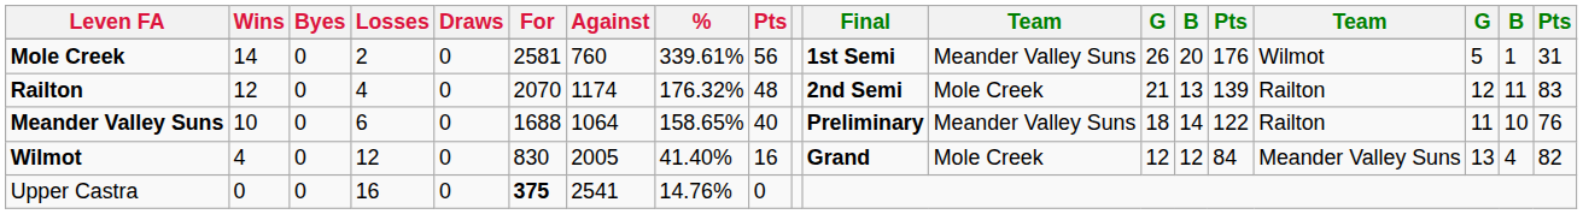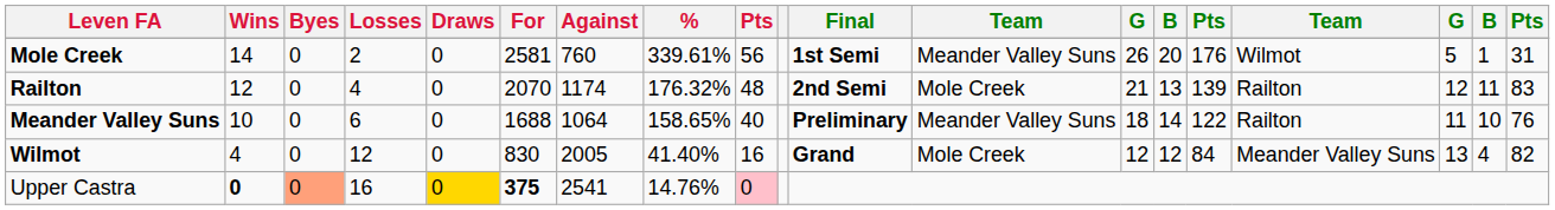 <table class="wikitable">
 <tr>
 <th style="color:crimson">Leven FA</th>
 <th style="color:crimson">Wins</th>
 <th style="color:crimson">Byes</th>
 <th style="color:crimson">Losses</th>
 <th style="color:crimson">Draws</th>
 <th style="color:crimson">For</th>
 <th style="color:crimson">Against</th>
 <th style="color:crimson">%</th>
 <th style="color:crimson">Pts</th>
 <th></th>
 <th style="color:green">Final</th>
 <th style="color:green">Team</th>
 <th style="color:green">G</th>
 <th style="color:green">B</th>
 <th style="color:green">Pts</th>
 <th style="color:green">Team</th>
 <th style="color:green">G</th>
 <th style="color:green">B</th>
 <th style="color:green">Pts</th>
 </tr>
 <tr>
 </tr>
 <tr>
 </tr>
 <tr>
 <td><strong>	Mole Creek	</strong></td>
 <td>14</td>
 <td>0</td>
 <td>2</td>
 <td>0</td>
 <td>2581</td>
 <td>760</td>
 <td>339.61%</td>
 <td>56</td>
 <td></td>
 <td><strong>1st Semi</strong></td>
 <td>Meander Valley Suns</td>
 <td>26</td>
 <td>20</td>
 <td>176</td>
 <td>Wilmot</td>
 <td>5</td>
 <td>1</td>
 <td>31</td>
 </tr>
 <tr>
 <td><strong>	Railton	</strong></td>
 <td>12</td>
 <td>0</td>
 <td>4</td>
 <td>0</td>
 <td>2070</td>
 <td>1174</td>
 <td>176.32%</td>
 <td>48</td>
 <td></td>
 <td><strong>2nd Semi</strong></td>
 <td>Mole Creek</td>
 <td>21</td>
 <td>13</td>
 <td>139</td>
 <td>Railton</td>
 <td>12</td>
 <td>11</td>
 <td>83</td>
 </tr>
 <tr>
 <td><strong>	Meander Valley Suns	</strong></td>
 <td>10</td>
 <td>0</td>
 <td>6</td>
 <td>0</td>
 <td>1688</td>
 <td>1064</td>
 <td>158.65%</td>
 <td>40</td>
 <td></td>
 <td><strong>Preliminary</strong></td>
 <td>Meander Valley Suns</td>
 <td>18</td>
 <td>14</td>
 <td>122</td>
 <td>Railton</td>
 <td>11</td>
 <td>10</td>
 <td>76</td>
 </tr>
 <tr>
 <td><strong>	Wilmot	</strong></td>
 <td>4</td>
 <td>0</td>
 <td>12</td>
 <td>0</td>
 <td>830</td>
 <td>2005</td>
 <td>41.40%</td>
 <td>16</td>
 <td></td>
 <td><strong>Grand</strong></td>
 <td>Mole Creek</td>
 <td>12</td>
 <td>12</td>
 <td>84</td>
 <td>Meander Valley Suns</td>
 <td>13</td>
 <td>4</td>
 <td>82</td>
 </tr>
 <tr>
 <td>Upper Castra</td>
-<td>0</td>
-<td>0</td>
+<td><strong>0</strong></td>
+<td style="background: lightsalmon;">0</td>
 <td>16</td>
-<td>0</td>
+<td style="background: gold;">0</td>
 <td><strong>375</strong></td>
 <td>2541</td>
 <td>14.76%</td>
-<td>0</td>
+<td style="background: pink;">0</td>
 <td></td>
 </tr>
 </table>
